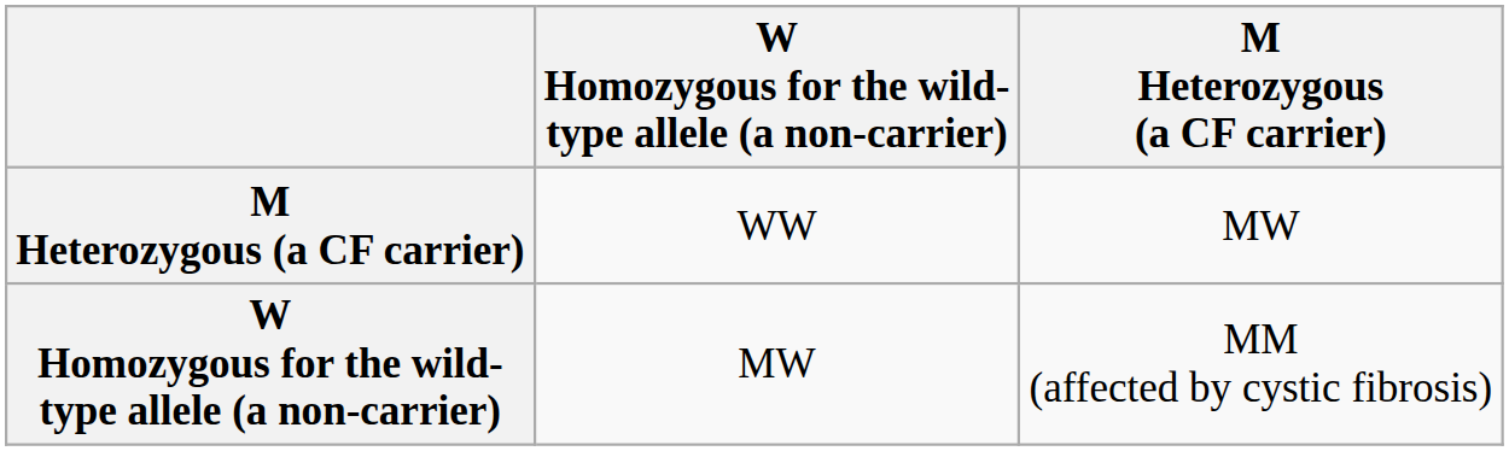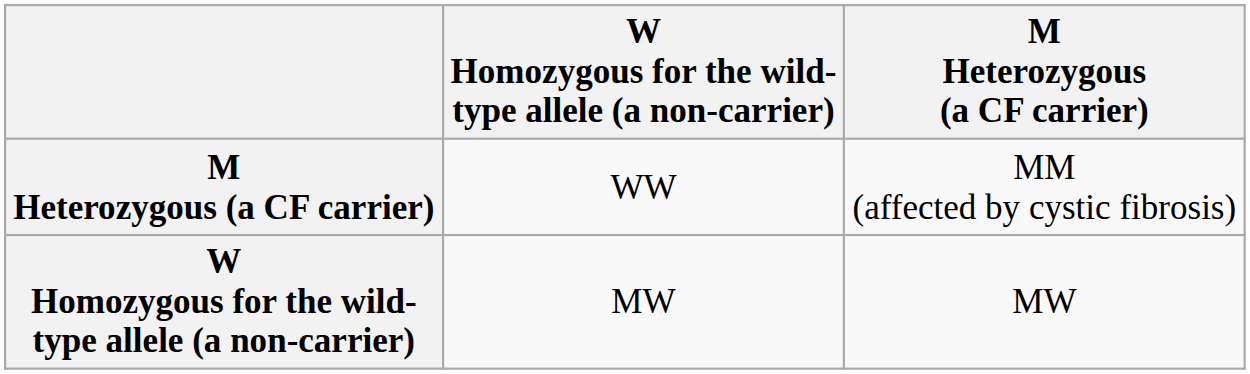 <table class="wikitable" style="text-align:center;">
 <tr>
 <th></th>
 <th>W<br>Homozygous for the wild-<br>type allele (a non-carrier)</th>
 <th>M<br>Heterozygous<br>(a CF carrier)</th>
 </tr>
 <tr>
 <th>M<br>Heterozygous (a CF carrier)</th>
 <td>WW</td>
-<td>MW</td>
+<td>MM<br>(affected by cystic fibrosis)</td>
 </tr>
 <tr>
 <th>W<br>Homozygous for the wild-<br>type allele (a non-carrier)</th>
 <td>MW</td>
-<td>MM<br>(affected by cystic fibrosis)</td>
+<td>MW</td>
 </tr>
 </table>
